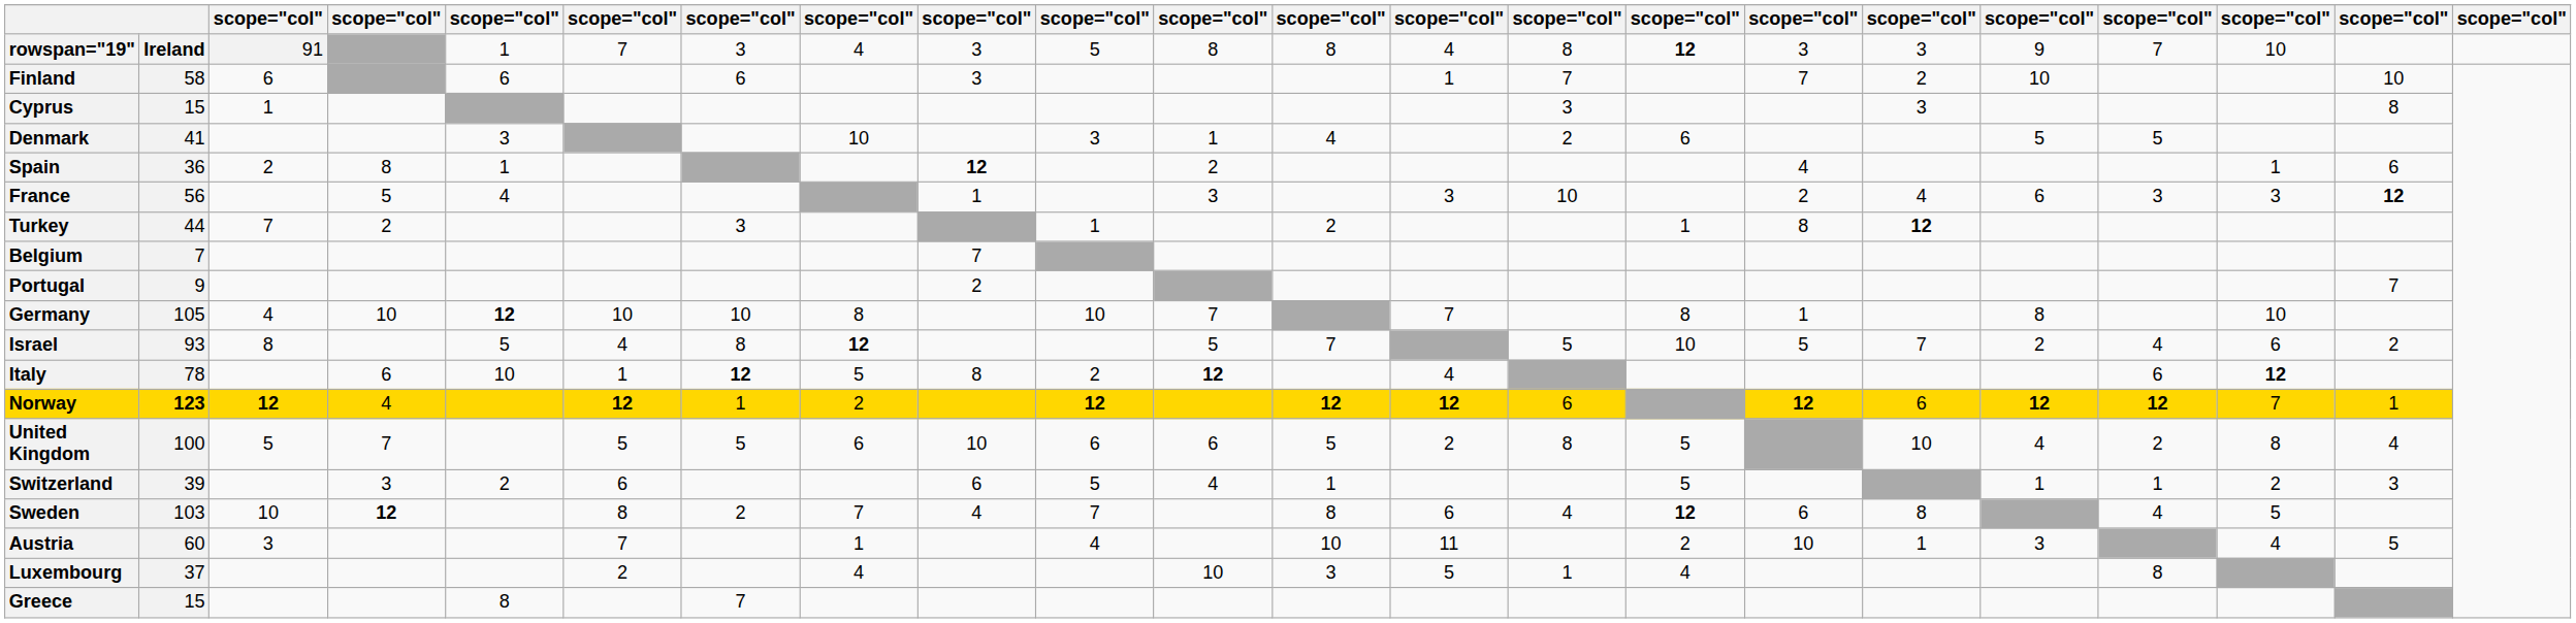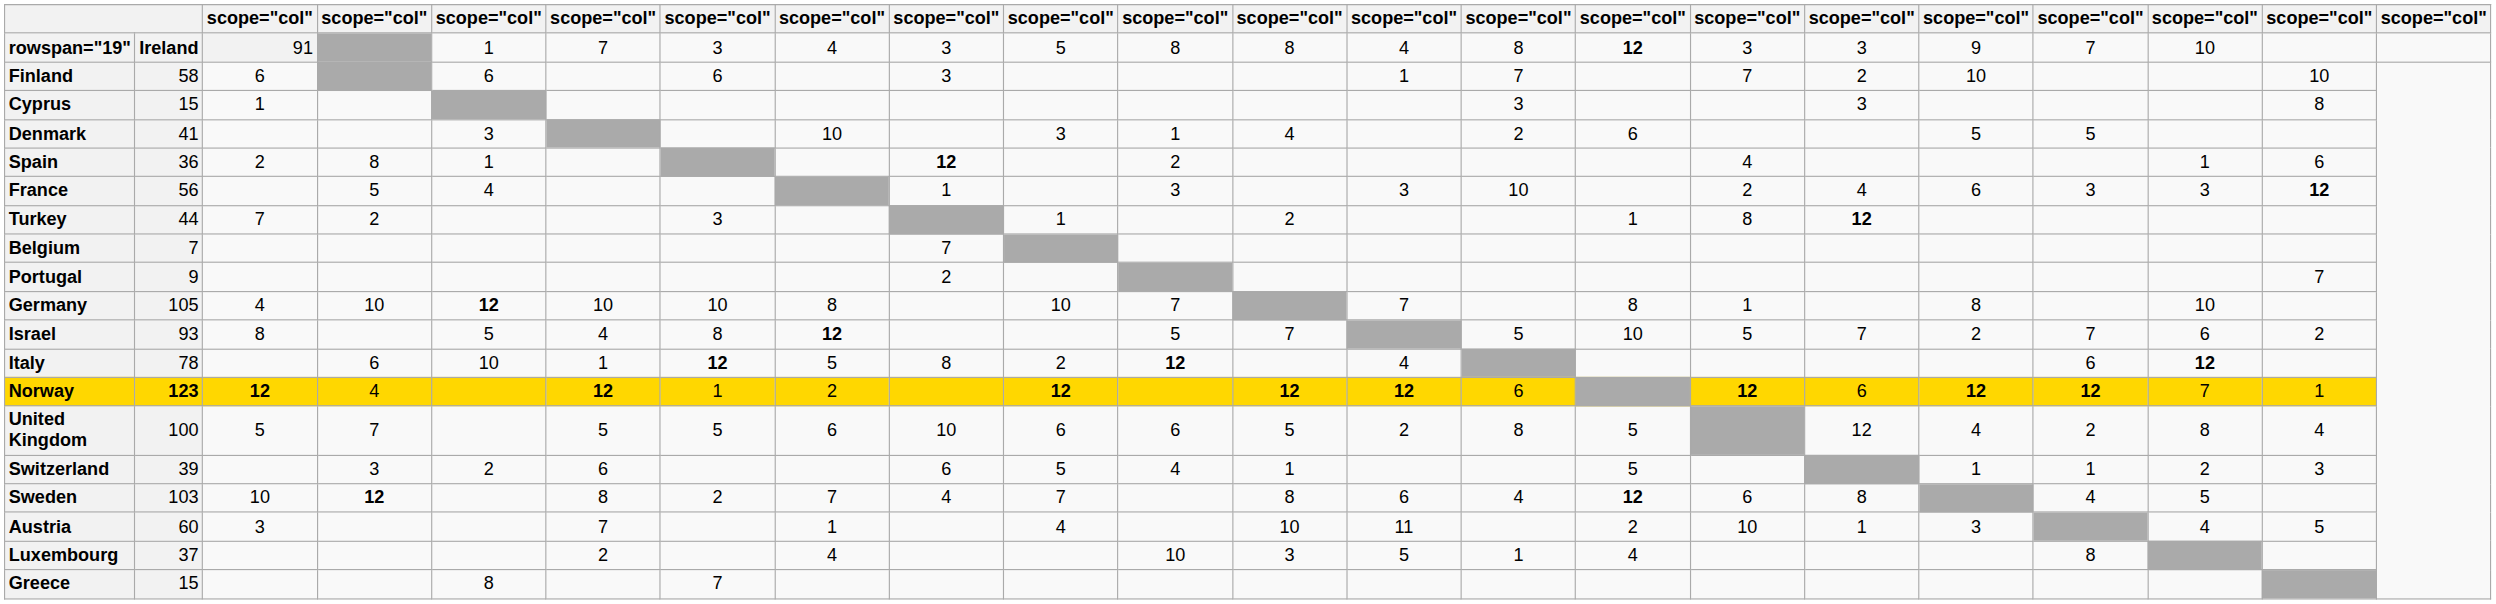 <table class="wikitable plainrowheaders" style="text-align:center;">
 <tr>
 </tr>
 <tr>
 <th colspan="2"></th>
 <th>scope="col" </th>
 <th>scope="col" </th>
 <th>scope="col" </th>
 <th>scope="col" </th>
 <th>scope="col" </th>
 <th>scope="col" </th>
 <th>scope="col" </th>
 <th>scope="col" </th>
 <th>scope="col" </th>
 <th>scope="col" </th>
 <th>scope="col" </th>
 <th>scope="col" </th>
 <th>scope="col" </th>
 <th>scope="col" </th>
 <th>scope="col" </th>
 <th>scope="col" </th>
 <th>scope="col" </th>
 <th>scope="col" </th>
 <th>scope="col" </th>
 <th>scope="col" </th>
 </tr>
 <tr>
 <th>rowspan="19" </th>
 <th scope="row" style="text-align:left; background:#f2f2f2;">Ireland</th>
 <td style="text-align:right; background:#f2f2f2;">91</td>
 <td style="text-align:left; background:#aaa;"></td>
 <td>1</td>
 <td>7</td>
 <td>3</td>
 <td>4</td>
 <td>3</td>
 <td>5</td>
 <td>8</td>
 <td>8</td>
 <td>4</td>
 <td>8</td>
 <td><strong>12</strong></td>
 <td>3</td>
 <td>3</td>
 <td>9</td>
 <td>7</td>
 <td>10</td>
 <td></td>
 <td></td>
 </tr>
 <tr>
 <th scope="row" style="text-align:left; background:#f2f2f2;">Finland</th>
 <td style="text-align:right; background:#f2f2f2;">58</td>
 <td>6</td>
 <td style="text-align:left; background:#aaa;"></td>
 <td>6</td>
 <td></td>
 <td>6</td>
 <td></td>
 <td>3</td>
 <td></td>
 <td></td>
 <td></td>
 <td>1</td>
 <td>7</td>
 <td></td>
 <td>7</td>
 <td>2</td>
 <td>10</td>
 <td></td>
 <td></td>
 <td>10</td>
 </tr>
 <tr>
 <th scope="row" style="text-align:left; background:#f2f2f2;">Cyprus</th>
 <td style="text-align:right; background:#f2f2f2;">15</td>
 <td>1</td>
 <td></td>
 <td style="text-align:left; background:#aaa;"></td>
 <td></td>
 <td></td>
 <td></td>
 <td></td>
 <td></td>
 <td></td>
 <td></td>
 <td></td>
 <td>3</td>
 <td></td>
 <td></td>
 <td>3</td>
 <td></td>
 <td></td>
 <td></td>
 <td>8</td>
 </tr>
 <tr>
 <th scope="row" style="text-align:left; background:#f2f2f2;">Denmark</th>
 <td style="text-align:right; background:#f2f2f2;">41</td>
 <td></td>
 <td></td>
 <td>3</td>
 <td style="text-align:left; background:#aaa;"></td>
 <td></td>
 <td>10</td>
 <td></td>
 <td>3</td>
 <td>1</td>
 <td>4</td>
 <td></td>
 <td>2</td>
 <td>6</td>
 <td></td>
 <td></td>
 <td>5</td>
 <td>5</td>
 <td></td>
 <td></td>
 </tr>
 <tr>
 <th scope="row" style="text-align:left; background:#f2f2f2;">Spain</th>
 <td style="text-align:right; background:#f2f2f2;">36</td>
 <td>2</td>
 <td>8</td>
 <td>1</td>
 <td></td>
 <td style="text-align:left; background:#aaa;"></td>
 <td></td>
 <td><strong>12</strong></td>
 <td></td>
 <td>2</td>
 <td></td>
 <td></td>
 <td></td>
 <td></td>
 <td>4</td>
 <td></td>
 <td></td>
 <td></td>
 <td>1</td>
 <td>6</td>
 </tr>
 <tr>
 <th scope="row" style="text-align:left; background:#f2f2f2;">France</th>
 <td style="text-align:right; background:#f2f2f2;">56</td>
 <td></td>
 <td>5</td>
 <td>4</td>
 <td></td>
 <td></td>
 <td style="text-align:left; background:#aaa;"></td>
 <td>1</td>
 <td></td>
 <td>3</td>
 <td></td>
 <td>3</td>
 <td>10</td>
 <td></td>
 <td>2</td>
 <td>4</td>
 <td>6</td>
 <td>3</td>
 <td>3</td>
 <td><strong>12</strong></td>
 </tr>
 <tr>
 <th scope="row" style="text-align:left; background:#f2f2f2;">Turkey</th>
 <td style="text-align:right; background:#f2f2f2;">44</td>
 <td>7</td>
 <td>2</td>
 <td></td>
 <td></td>
 <td>3</td>
 <td></td>
 <td style="text-align:left; background:#aaa;"></td>
 <td>1</td>
 <td></td>
 <td>2</td>
 <td></td>
 <td></td>
 <td>1</td>
 <td>8</td>
 <td><strong>12</strong></td>
 <td></td>
 <td></td>
 <td></td>
 <td></td>
 </tr>
 <tr>
 <th scope="row" style="text-align:left; background:#f2f2f2;">Belgium</th>
 <td style="text-align:right; background:#f2f2f2;">7</td>
 <td></td>
 <td></td>
 <td></td>
 <td></td>
 <td></td>
 <td></td>
 <td>7</td>
 <td style="text-align:left; background:#aaa;"></td>
 <td></td>
 <td></td>
 <td></td>
 <td></td>
 <td></td>
 <td></td>
 <td></td>
 <td></td>
 <td></td>
 <td></td>
 <td></td>
 </tr>
 <tr>
 <th scope="row" style="text-align:left; background:#f2f2f2;">Portugal</th>
 <td style="text-align:right; background:#f2f2f2;">9</td>
 <td></td>
 <td></td>
 <td></td>
 <td></td>
 <td></td>
 <td></td>
 <td>2</td>
 <td></td>
 <td style="text-align:left; background:#aaa;"></td>
 <td></td>
 <td></td>
 <td></td>
 <td></td>
 <td></td>
 <td></td>
 <td></td>
 <td></td>
 <td></td>
 <td>7</td>
 </tr>
 <tr>
 <th scope="row" style="text-align:left; background:#f2f2f2;">Germany</th>
 <td style="text-align:right; background:#f2f2f2;">105</td>
 <td>4</td>
 <td>10</td>
 <td><strong>12</strong></td>
 <td>10</td>
 <td>10</td>
 <td>8</td>
 <td></td>
 <td>10</td>
 <td>7</td>
 <td style="text-align:left; background:#aaa;"></td>
 <td>7</td>
 <td></td>
 <td>8</td>
 <td>1</td>
 <td></td>
 <td>8</td>
 <td></td>
 <td>10</td>
 <td></td>
 </tr>
 <tr>
 <th scope="row" style="text-align:left; background:#f2f2f2;">Israel</th>
 <td style="text-align:right; background:#f2f2f2;">93</td>
 <td>8</td>
 <td></td>
 <td>5</td>
 <td>4</td>
 <td>8</td>
 <td><strong>12</strong></td>
 <td></td>
 <td></td>
 <td>5</td>
 <td>7</td>
 <td style="text-align:left; background:#aaa;"></td>
 <td>5</td>
 <td>10</td>
 <td>5</td>
 <td>7</td>
 <td>2</td>
-<td>4</td>
+<td>7</td>
 <td>6</td>
 <td>2</td>
 </tr>
 <tr>
 <th scope="row" style="text-align:left; background:#f2f2f2;">Italy</th>
 <td style="text-align:right; background:#f2f2f2;">78</td>
 <td></td>
 <td>6</td>
 <td>10</td>
 <td>1</td>
 <td><strong>12</strong></td>
 <td>5</td>
 <td>8</td>
 <td>2</td>
 <td><strong>12</strong></td>
 <td></td>
 <td>4</td>
 <td style="text-align:left; background:#aaa;"></td>
 <td></td>
 <td></td>
 <td></td>
 <td></td>
 <td>6</td>
 <td><strong>12</strong></td>
 <td></td>
 </tr>
 <tr style="background:gold;">
 <th scope="row" style="text-align:left; font-weight:bold; background:gold;">Norway</th>
 <td style="text-align:right; font-weight:bold;">123</td>
 <td><strong>12</strong></td>
 <td>4</td>
 <td></td>
 <td><strong>12</strong></td>
 <td>1</td>
 <td>2</td>
 <td></td>
 <td><strong>12</strong></td>
 <td></td>
 <td><strong>12</strong></td>
 <td><strong>12</strong></td>
 <td>6</td>
 <td style="text-align:left; background:#aaa;"></td>
 <td><strong>12</strong></td>
 <td>6</td>
 <td><strong>12</strong></td>
 <td><strong>12</strong></td>
 <td>7</td>
 <td>1</td>
 </tr>
 <tr>
 <th scope="row" style="text-align:left; background:#f2f2f2;">United Kingdom</th>
 <td style="text-align:right; background:#f2f2f2;">100</td>
 <td>5</td>
 <td>7</td>
 <td></td>
 <td>5</td>
 <td>5</td>
 <td>6</td>
 <td>10</td>
 <td>6</td>
 <td>6</td>
 <td>5</td>
 <td>2</td>
 <td>8</td>
 <td>5</td>
 <td style="text-align:left; background:#aaa;"></td>
-<td>10</td>
+<td>12</td>
 <td>4</td>
 <td>2</td>
 <td>8</td>
 <td>4</td>
 </tr>
 <tr>
 <th scope="row" style="text-align:left; background:#f2f2f2;">Switzerland</th>
 <td style="text-align:right; background:#f2f2f2;">39</td>
 <td></td>
 <td>3</td>
 <td>2</td>
 <td>6</td>
 <td></td>
 <td></td>
 <td>6</td>
 <td>5</td>
 <td>4</td>
 <td>1</td>
 <td></td>
 <td></td>
 <td>5</td>
 <td></td>
 <td style="text-align:left; background:#aaa;"></td>
 <td>1</td>
 <td>1</td>
 <td>2</td>
 <td>3</td>
 </tr>
 <tr>
 <th scope="row" style="text-align:left; background:#f2f2f2;">Sweden</th>
 <td style="text-align:right; background:#f2f2f2;">103</td>
 <td>10</td>
 <td><strong>12</strong></td>
 <td></td>
 <td>8</td>
 <td>2</td>
 <td>7</td>
 <td>4</td>
 <td>7</td>
 <td></td>
 <td>8</td>
 <td>6</td>
 <td>4</td>
 <td><strong>12</strong></td>
 <td>6</td>
 <td>8</td>
 <td style="text-align:left; background:#aaa;"></td>
 <td>4</td>
 <td>5</td>
 <td></td>
 </tr>
 <tr>
 <th scope="row" style="text-align:left; background:#f2f2f2;">Austria</th>
 <td style="text-align:right; background:#f2f2f2;">60</td>
 <td>3</td>
 <td></td>
 <td></td>
 <td>7</td>
 <td></td>
 <td>1</td>
 <td></td>
 <td>4</td>
 <td></td>
 <td>10</td>
 <td>11</td>
 <td></td>
 <td>2</td>
 <td>10</td>
 <td>1</td>
 <td>3</td>
 <td style="text-align:left; background:#aaa;"></td>
 <td>4</td>
 <td>5</td>
 </tr>
 <tr>
 <th scope="row" style="text-align:left; background:#f2f2f2;">Luxembourg</th>
 <td style="text-align:right; background:#f2f2f2;">37</td>
 <td></td>
 <td></td>
 <td></td>
 <td>2</td>
 <td></td>
 <td>4</td>
 <td></td>
 <td></td>
 <td>10</td>
 <td>3</td>
 <td>5</td>
 <td>1</td>
 <td>4</td>
 <td></td>
 <td></td>
 <td></td>
 <td>8</td>
 <td style="text-align:left; background:#aaa;"></td>
 <td></td>
 </tr>
 <tr>
 <th scope="row" style="text-align:left; background:#f2f2f2;">Greece</th>
 <td style="text-align:right; background:#f2f2f2;">15</td>
 <td></td>
 <td></td>
 <td>8</td>
 <td></td>
 <td>7</td>
 <td></td>
 <td></td>
 <td></td>
 <td></td>
 <td></td>
 <td></td>
 <td></td>
 <td></td>
 <td></td>
 <td></td>
 <td></td>
 <td></td>
 <td></td>
 <td style="text-align:left; background:#aaa;"></td>
 </tr>
 </table>
